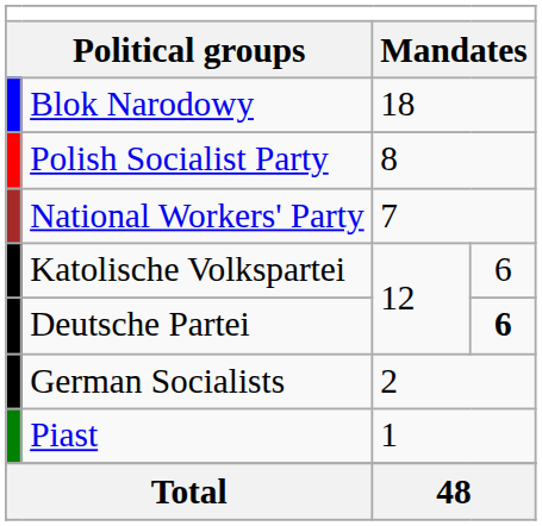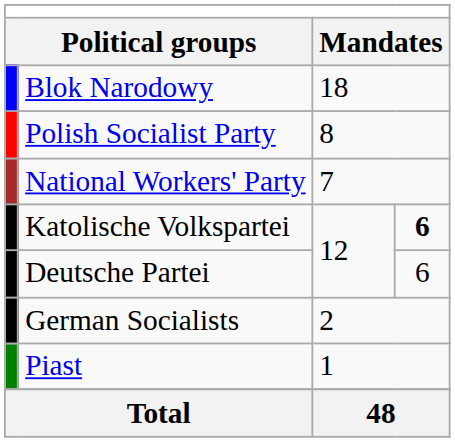 <table class="wikitable">
 <tr>
 <th colspan="4" style="background:white"></th>
 </tr>
 <tr>
 <th colspan="2">Political groups</th>
 <th colspan="2">Mandates</th>
 </tr>
 <tr>
 <td style="background:blue"></td>
 <td><a href='#'>Blok Narodowy</a></td>
 <td colspan="2">18</td>
 </tr>
 <tr>
 <td style="background:red"></td>
 <td><a href='#'>Polish Socialist Party</a></td>
 <td colspan="2">8</td>
 </tr>
 <tr>
 <td style="background:brown"></td>
 <td><a href='#'>National Workers' Party</a></td>
 <td colspan="2">7</td>
 </tr>
 <tr>
 <td style="background:black"></td>
 <td>Katolische Volkspartei</td>
 <td rowspan="2">12</td>
-<td align="center">6</td>
+<td align="center"><strong>6</strong></td>
 </tr>
 <tr>
 <td style="background:black"></td>
 <td>Deutsche Partei</td>
-<td align="center"><strong>6</strong></td>
+<td align="center">6</td>
 </tr>
 <tr>
 <td style="background:black"></td>
 <td>German Socialists</td>
 <td colspan="2">2</td>
 </tr>
 <tr>
 <td style="background:green"></td>
 <td><a href='#'>Piast</a></td>
 <td colspan="2">1</td>
 </tr>
 <tr>
 </tr>
 <tr bgcolor="#ececec">
 <th colspan="2">Total</th>
 <th colspan="2">48</th>
 </tr>
 </table>
